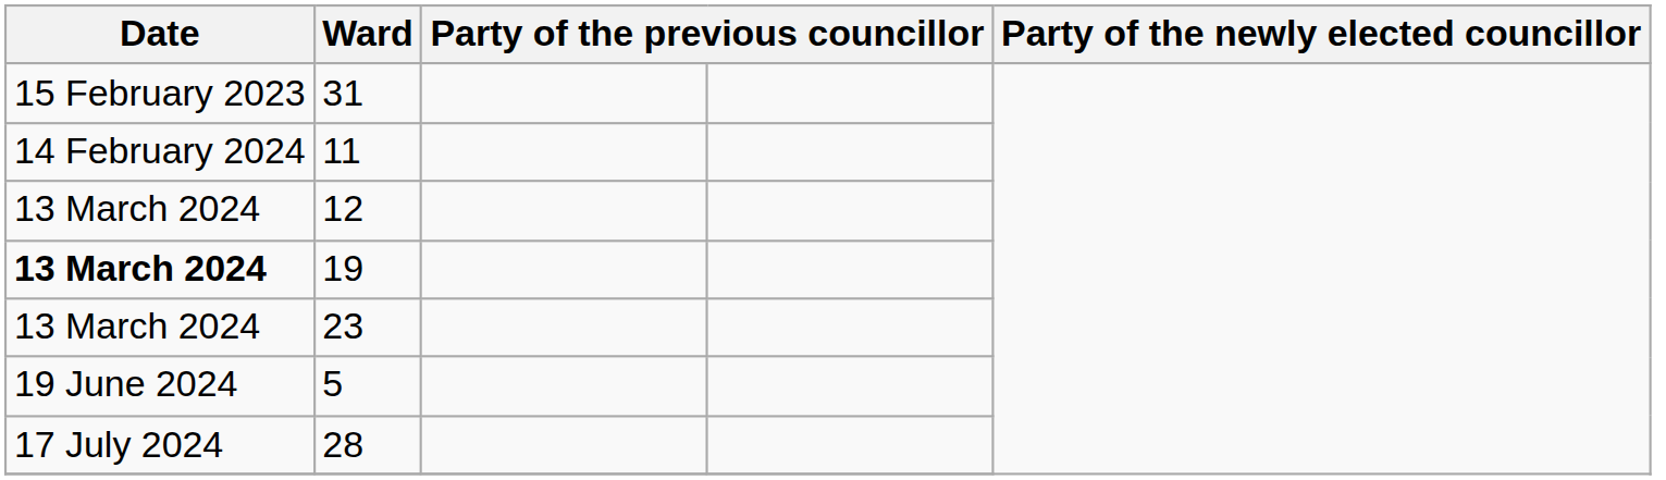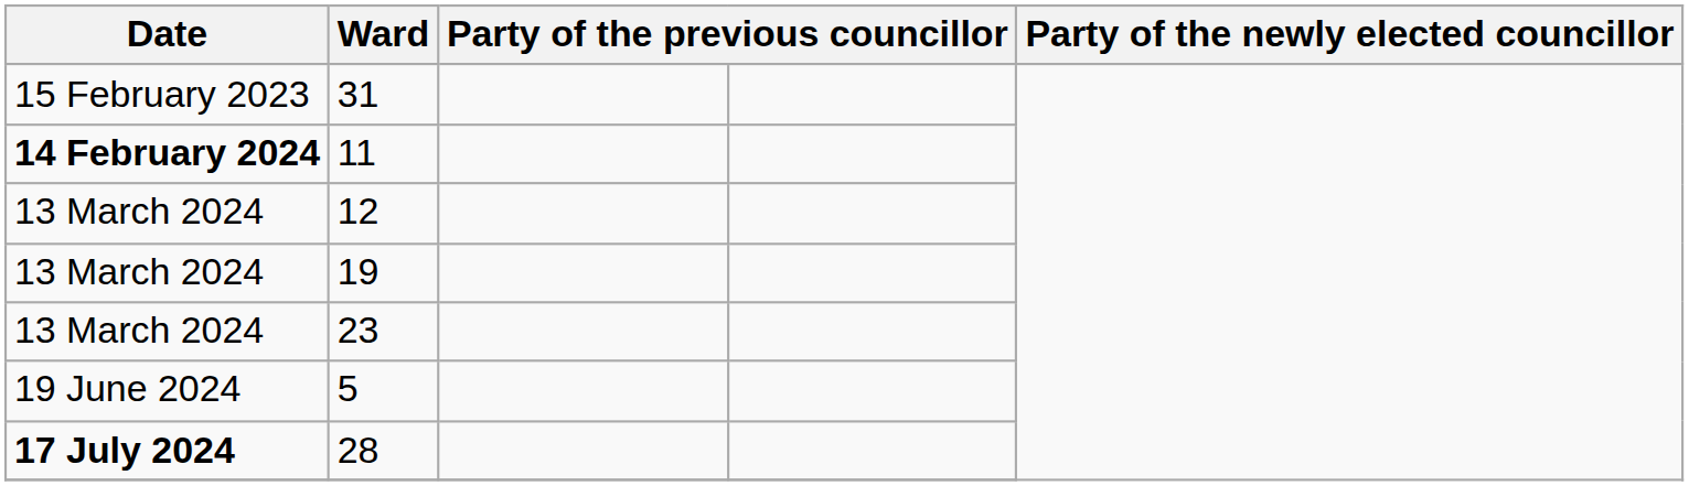 <table class="wikitable">
 <tr>
 <th>Date</th>
 <th>Ward</th>
 <th colspan=2>Party of the previous councillor</th>
 <th colspan=2>Party of the newly elected councillor</th>
 </tr>
 <tr>
 <td>15 February 2023</td>
 <td>31</td>
 <td></td>
 <td></td>
 </tr>
 <tr>
-<td>14 February 2024</td>
+<td><strong>14 February 2024</strong></td>
 <td>11</td>
 <td></td>
 <td></td>
 </tr>
 <tr>
 <td>13 March 2024</td>
 <td>12</td>
 <td></td>
 <td></td>
 </tr>
 <tr>
-<td><strong>13 March 2024</strong></td>
+<td>13 March 2024</td>
 <td>19</td>
 <td></td>
 <td></td>
 </tr>
 <tr>
 <td>13 March 2024</td>
 <td>23</td>
 <td></td>
 <td></td>
 </tr>
 <tr>
 <td>19 June 2024</td>
 <td>5</td>
 <td></td>
 <td></td>
 </tr>
 <tr>
-<td>17 July 2024</td>
+<td><strong>17 July 2024</strong></td>
 <td>28</td>
 <td></td>
 <td></td>
 </tr>
 <tr>
 </tr>
 </table>
